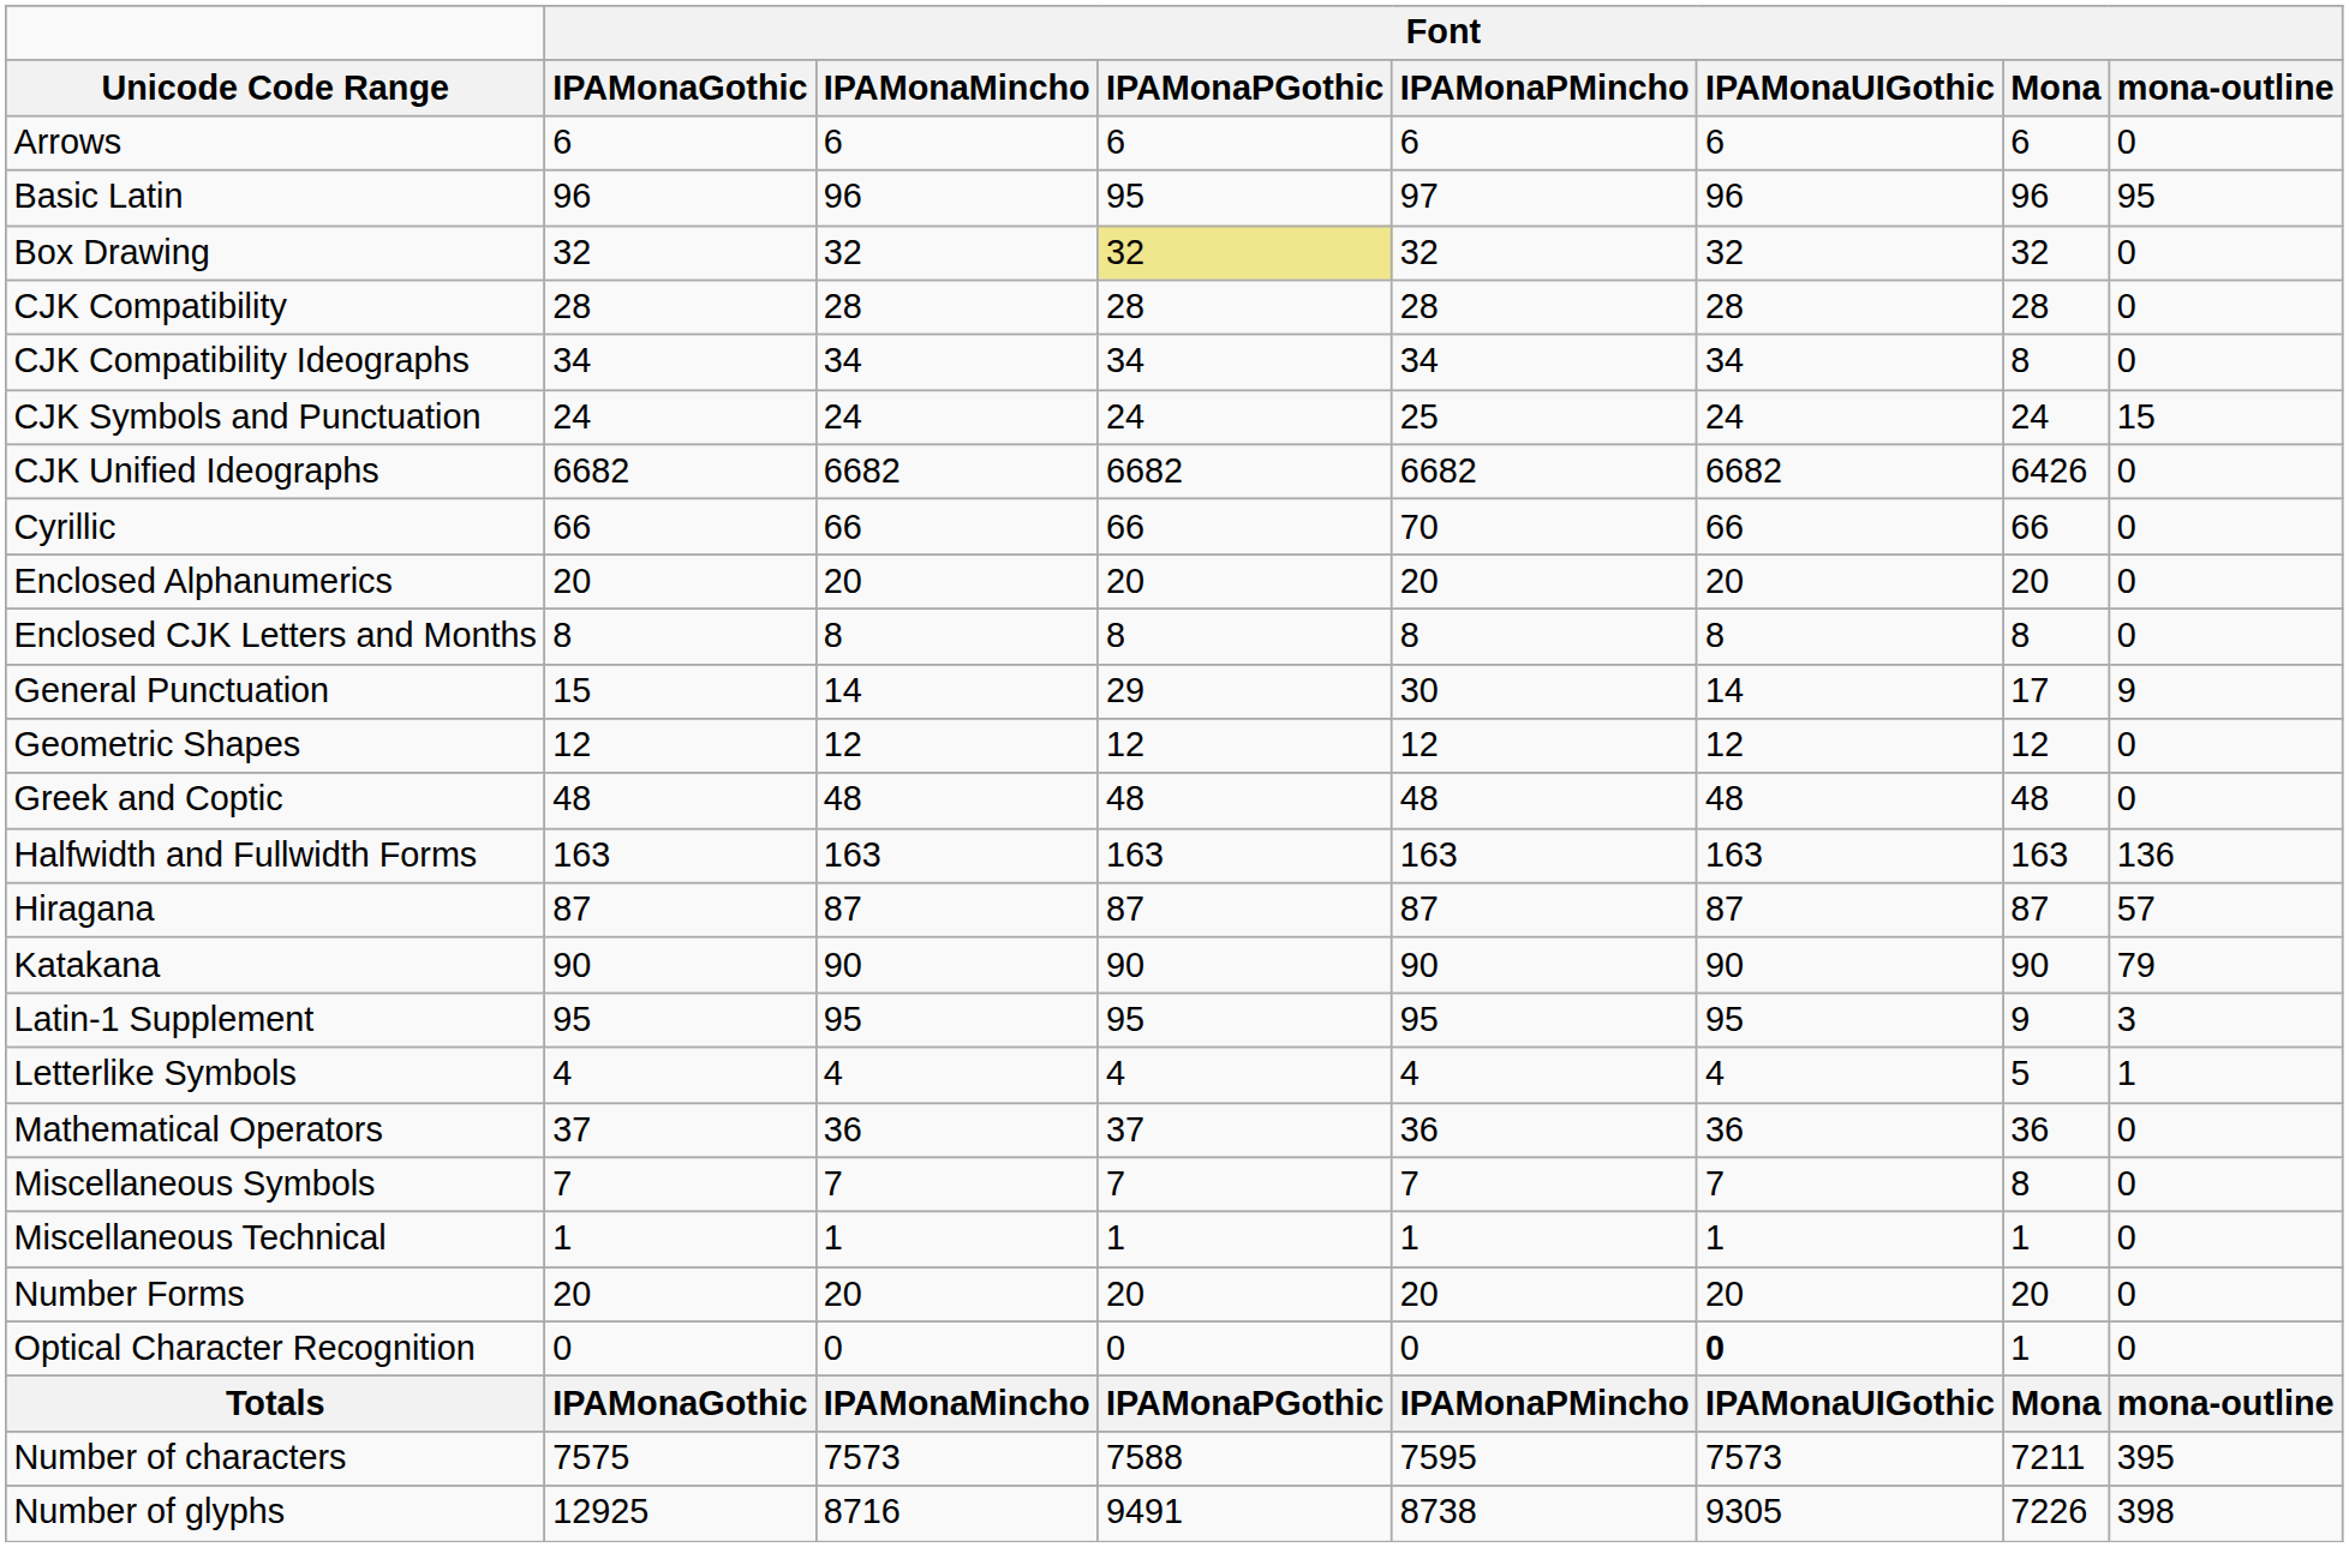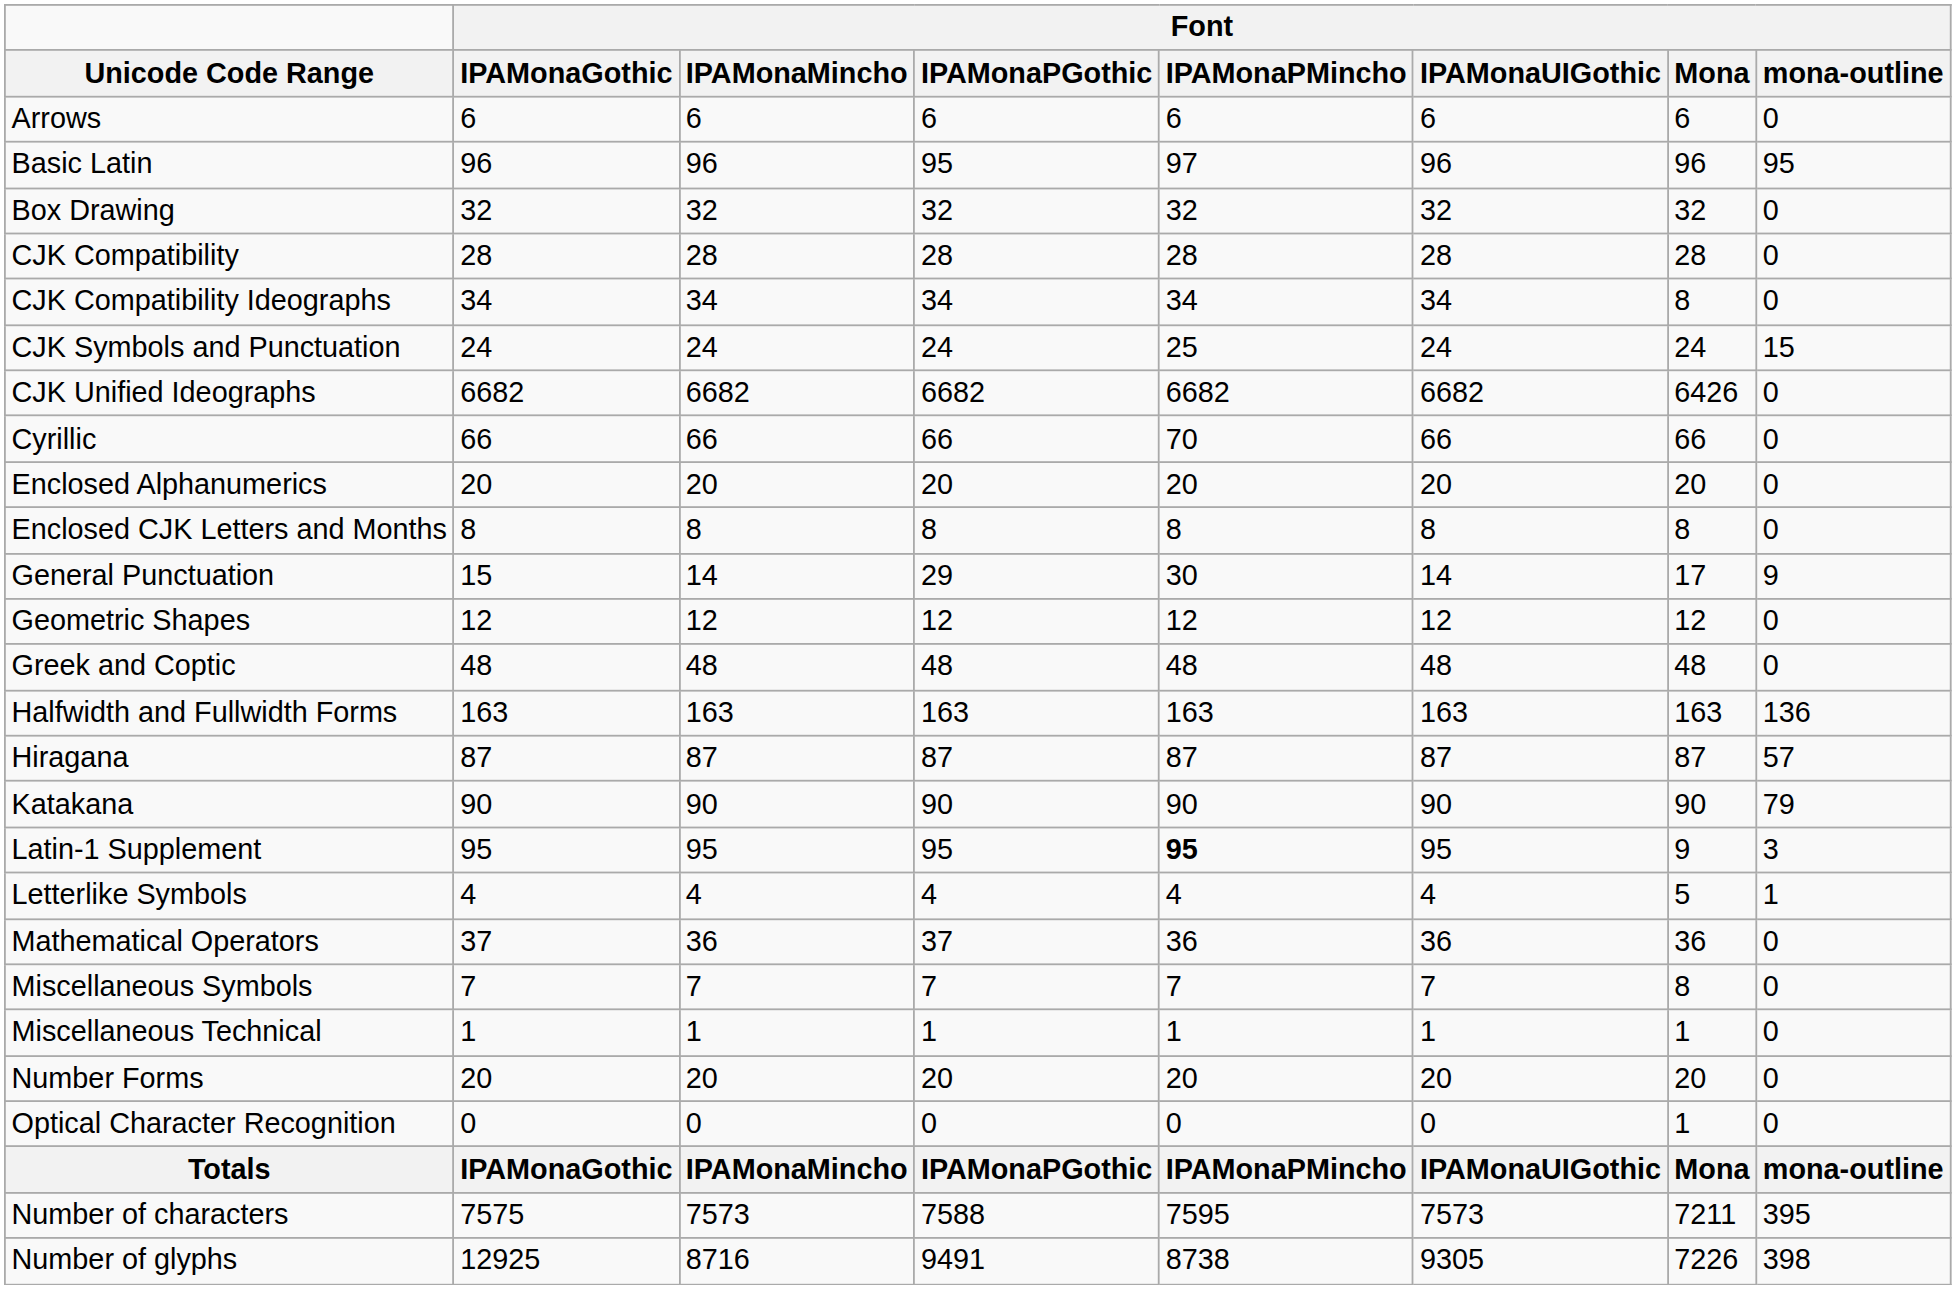 <table class="wikitable">
 <tr>
 <td></td>
 <th colspan=7>Font</th>
 </tr>
 <tr>
 <th>Unicode Code Range</th>
 <th>IPAMonaGothic</th>
 <th>IPAMonaMincho</th>
 <th>IPAMonaPGothic</th>
 <th>IPAMonaPMincho</th>
 <th>IPAMonaUIGothic</th>
 <th>Mona</th>
 <th>mona-outline</th>
 </tr>
 <tr>
 <td>Arrows</td>
 <td>6</td>
 <td>6</td>
 <td>6</td>
 <td>6</td>
 <td>6</td>
 <td>6</td>
 <td>0</td>
 </tr>
 <tr>
 <td>Basic Latin</td>
 <td>96</td>
 <td>96</td>
 <td>95</td>
 <td>97</td>
 <td>96</td>
 <td>96</td>
 <td>95</td>
 </tr>
 <tr>
 <td>Box Drawing</td>
 <td>32</td>
 <td>32</td>
-<td style="background: khaki;">32</td>
+<td>32</td>
 <td>32</td>
 <td>32</td>
 <td>32</td>
 <td>0</td>
 </tr>
 <tr>
 <td>CJK Compatibility</td>
 <td>28</td>
 <td>28</td>
 <td>28</td>
 <td>28</td>
 <td>28</td>
 <td>28</td>
 <td>0</td>
 </tr>
 <tr>
 <td>CJK Compatibility Ideographs</td>
 <td>34</td>
 <td>34</td>
 <td>34</td>
 <td>34</td>
 <td>34</td>
 <td>8</td>
 <td>0</td>
 </tr>
 <tr>
 <td>CJK Symbols and Punctuation</td>
 <td>24</td>
 <td>24</td>
 <td>24</td>
 <td>25</td>
 <td>24</td>
 <td>24</td>
 <td>15</td>
 </tr>
 <tr>
 <td>CJK Unified Ideographs</td>
 <td>6682</td>
 <td>6682</td>
 <td>6682</td>
 <td>6682</td>
 <td>6682</td>
 <td>6426</td>
 <td>0</td>
 </tr>
 <tr>
 <td>Cyrillic</td>
 <td>66</td>
 <td>66</td>
 <td>66</td>
 <td>70</td>
 <td>66</td>
 <td>66</td>
 <td>0</td>
 </tr>
 <tr>
 <td>Enclosed Alphanumerics</td>
 <td>20</td>
 <td>20</td>
 <td>20</td>
 <td>20</td>
 <td>20</td>
 <td>20</td>
 <td>0</td>
 </tr>
 <tr>
 <td>Enclosed CJK Letters and Months</td>
 <td>8</td>
 <td>8</td>
 <td>8</td>
 <td>8</td>
 <td>8</td>
 <td>8</td>
 <td>0</td>
 </tr>
 <tr>
 <td>General Punctuation</td>
 <td>15</td>
 <td>14</td>
 <td>29</td>
 <td>30</td>
 <td>14</td>
 <td>17</td>
 <td>9</td>
 </tr>
 <tr>
 <td>Geometric Shapes</td>
 <td>12</td>
 <td>12</td>
 <td>12</td>
 <td>12</td>
 <td>12</td>
 <td>12</td>
 <td>0</td>
 </tr>
 <tr>
 <td>Greek and Coptic</td>
 <td>48</td>
 <td>48</td>
 <td>48</td>
 <td>48</td>
 <td>48</td>
 <td>48</td>
 <td>0</td>
 </tr>
 <tr>
 <td>Halfwidth and Fullwidth Forms</td>
 <td>163</td>
 <td>163</td>
 <td>163</td>
 <td>163</td>
 <td>163</td>
 <td>163</td>
 <td>136</td>
 </tr>
 <tr>
 <td>Hiragana</td>
 <td>87</td>
 <td>87</td>
 <td>87</td>
 <td>87</td>
 <td>87</td>
 <td>87</td>
 <td>57</td>
 </tr>
 <tr>
 <td>Katakana</td>
 <td>90</td>
 <td>90</td>
 <td>90</td>
 <td>90</td>
 <td>90</td>
 <td>90</td>
 <td>79</td>
 </tr>
 <tr>
 <td>Latin-1 Supplement</td>
 <td>95</td>
 <td>95</td>
 <td>95</td>
-<td>95</td>
+<td><strong>95</strong></td>
 <td>95</td>
 <td>9</td>
 <td>3</td>
 </tr>
 <tr>
 <td>Letterlike Symbols</td>
 <td>4</td>
 <td>4</td>
 <td>4</td>
 <td>4</td>
 <td>4</td>
 <td>5</td>
 <td>1</td>
 </tr>
 <tr>
 <td>Mathematical Operators</td>
 <td>37</td>
 <td>36</td>
 <td>37</td>
 <td>36</td>
 <td>36</td>
 <td>36</td>
 <td>0</td>
 </tr>
 <tr>
 <td>Miscellaneous Symbols</td>
 <td>7</td>
 <td>7</td>
 <td>7</td>
 <td>7</td>
 <td>7</td>
 <td>8</td>
 <td>0</td>
 </tr>
 <tr>
 <td>Miscellaneous Technical</td>
 <td>1</td>
 <td>1</td>
 <td>1</td>
 <td>1</td>
 <td>1</td>
 <td>1</td>
 <td>0</td>
 </tr>
 <tr>
 <td>Number Forms</td>
 <td>20</td>
 <td>20</td>
 <td>20</td>
 <td>20</td>
 <td>20</td>
 <td>20</td>
 <td>0</td>
 </tr>
 <tr>
 <td>Optical Character Recognition</td>
 <td>0</td>
 <td>0</td>
 <td>0</td>
 <td>0</td>
-<td><strong>0</strong></td>
+<td>0</td>
 <td>1</td>
 <td>0</td>
 </tr>
 <tr>
 <th>Totals</th>
 <th>IPAMonaGothic</th>
 <th>IPAMonaMincho</th>
 <th>IPAMonaPGothic</th>
 <th>IPAMonaPMincho</th>
 <th>IPAMonaUIGothic</th>
 <th>Mona</th>
 <th>mona-outline</th>
 </tr>
 <tr>
 <td>Number of characters</td>
 <td>7575</td>
 <td>7573</td>
 <td>7588</td>
 <td>7595</td>
 <td>7573</td>
 <td>7211</td>
 <td>395</td>
 </tr>
 <tr>
 <td>Number of glyphs</td>
 <td>12925</td>
 <td>8716</td>
 <td>9491</td>
 <td>8738</td>
 <td>9305</td>
 <td>7226</td>
 <td>398</td>
 </tr>
 </table>
